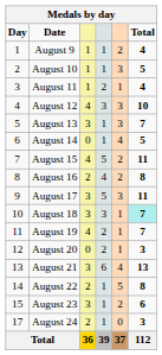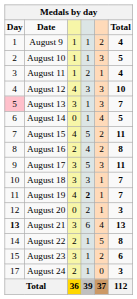 <table class=wikitable style="font-size:85%; float:right;text-align:center">
 <tr>
 <th colspan=7>Medals by day</th>
 </tr>
 <tr>
 <td><strong>Day</strong></td>
 <td><strong>Date</strong></td>
 <td bgcolor=F7F6A8></td>
 <td bgcolor=DCE5E5></td>
 <td bgcolor=FFDAB9></td>
 <td><strong>Total</strong></td>
 </tr>
 <tr>
 <td>1</td>
 <td>August 9</td>
 <td bgcolor=F7F6A8>1</td>
 <td bgcolor=DCE5E5>1</td>
 <td bgcolor=FFDAB9>2</td>
 <td><strong>4</strong></td>
 </tr>
 <tr>
 <td>2</td>
 <td>August 10</td>
 <td bgcolor=F7F6A8>1</td>
 <td bgcolor=DCE5E5>1</td>
 <td bgcolor=FFDAB9>3</td>
 <td><strong>5</strong></td>
 </tr>
 <tr>
 <td>3</td>
 <td>August 11</td>
 <td bgcolor=F7F6A8>1</td>
 <td bgcolor=DCE5E5>2</td>
 <td bgcolor=FFDAB9>1</td>
 <td><strong>4</strong></td>
 </tr>
 <tr>
 <td>4</td>
 <td>August 12</td>
 <td bgcolor=F7F6A8>4</td>
 <td bgcolor=DCE5E5>3</td>
 <td bgcolor=FFDAB9>3</td>
 <td><strong>10</strong></td>
 </tr>
 <tr>
-<td>5</td>
+<td style="background: pink;">5</td>
 <td>August 13</td>
 <td bgcolor=F7F6A8>3</td>
 <td bgcolor=DCE5E5>1</td>
 <td bgcolor=FFDAB9>3</td>
 <td><strong>7</strong></td>
 </tr>
 <tr>
 <td>6</td>
 <td>August 14</td>
 <td bgcolor=F7F6A8>0</td>
 <td bgcolor=DCE5E5>1</td>
 <td bgcolor=FFDAB9>4</td>
 <td><strong>5</strong></td>
 </tr>
 <tr>
 <td>7</td>
 <td>August 15</td>
 <td bgcolor=F7F6A8>4</td>
 <td bgcolor=DCE5E5>5</td>
 <td bgcolor=FFDAB9>2</td>
 <td><strong>11</strong></td>
 </tr>
 <tr>
 <td>8</td>
 <td>August 16</td>
 <td bgcolor=F7F6A8>2</td>
 <td bgcolor=DCE5E5>4</td>
 <td bgcolor=FFDAB9>2</td>
 <td><strong>8</strong></td>
 </tr>
 <tr>
 <td>9</td>
 <td>August 17</td>
 <td bgcolor=F7F6A8>3</td>
 <td bgcolor=DCE5E5>5</td>
 <td bgcolor=FFDAB9>3</td>
 <td><strong>11</strong></td>
 </tr>
 <tr>
 <td>10</td>
 <td>August 18</td>
 <td bgcolor=F7F6A8>3</td>
 <td bgcolor=DCE5E5>3</td>
 <td bgcolor=FFDAB9>1</td>
-<td style="background: paleturquoise;"><strong>7</strong></td>
+<td><strong>7</strong></td>
 </tr>
 <tr>
 <td>11</td>
 <td>August 19</td>
 <td bgcolor=F7F6A8>4</td>
-<td bgcolor=DCE5E5>2</td>
+<td bgcolor=DCE5E5><strong>2</strong></td>
 <td bgcolor=FFDAB9>1</td>
 <td><strong>7</strong></td>
 </tr>
 <tr>
 <td>12</td>
 <td>August 20</td>
 <td bgcolor=F7F6A8>0</td>
 <td bgcolor=DCE5E5>2</td>
 <td bgcolor=FFDAB9>1</td>
 <td><strong>3</strong></td>
 </tr>
 <tr>
-<td>13</td>
+<td><strong>13</strong></td>
 <td>August 21</td>
 <td bgcolor=F7F6A8>3</td>
 <td bgcolor=DCE5E5>6</td>
 <td bgcolor=FFDAB9>4</td>
 <td><strong>13</strong></td>
 </tr>
 <tr>
 <td>14</td>
 <td>August 22</td>
 <td bgcolor=F7F6A8>2</td>
 <td bgcolor=DCE5E5>1</td>
 <td bgcolor=FFDAB9>5</td>
 <td><strong>8</strong></td>
 </tr>
 <tr>
 <td>15</td>
 <td>August 23</td>
 <td bgcolor=F7F6A8>3</td>
 <td bgcolor=DCE5E5>1</td>
 <td bgcolor=FFDAB9>2</td>
 <td><strong>6</strong></td>
 </tr>
 <tr>
 <td>17</td>
 <td>August 24</td>
 <td bgcolor=F7F6A8>2</td>
 <td bgcolor=DCE5E5>1</td>
 <td bgcolor=FFDAB9>0</td>
 <td><strong>3</strong></td>
 </tr>
 <tr>
 <th colspan=2>Total</th>
 <th style=background:gold>36</th>
 <th style=background:silver>39</th>
 <th style=background:#C96>37</th>
 <th>112</th>
 </tr>
 </table>
